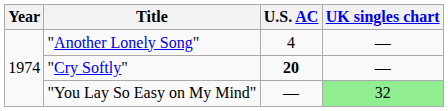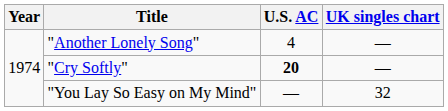 <table class="wikitable">
 <tr>
 <th>Year</th>
 <th>Title</th>
 <th>U.S. <a href='#'>AC</a></th>
 <th><a href='#'>UK singles chart</a></th>
 </tr>
 <tr>
 <td rowspan="3">1974</td>
 <td>"<a href='#'>Another Lonely Song</a>"</td>
 <td align="center">4</td>
 <td align="center">—</td>
 </tr>
 <tr>
 <td>"<a href='#'>Cry Softly</a>"</td>
 <td align="center"><strong>20</strong></td>
 <td align="center">—</td>
 </tr>
 <tr>
 <td>"You Lay So Easy on My Mind"</td>
 <td align="center">—</td>
-<td align="center" style="background: lightgreen;">32</td>
+<td align="center">32</td>
 </tr>
 <tr>
 </tr>
 </table>
